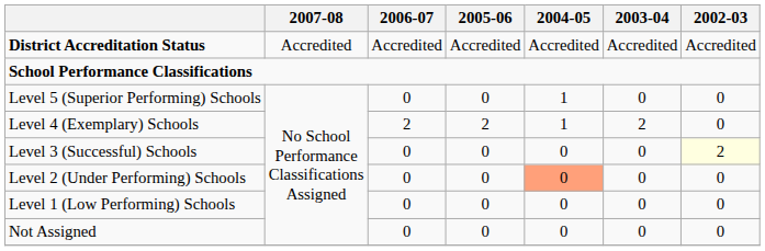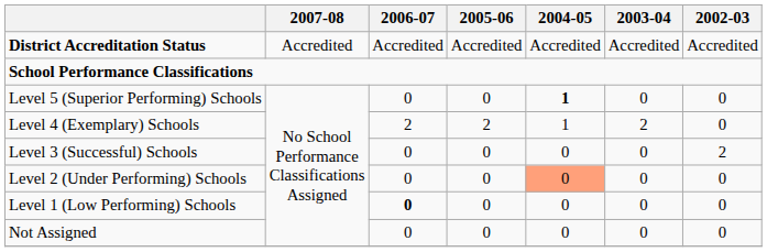 <table class="wikitable" style="font-size: 95%;">
 <tr>
 <th></th>
 <th>2007-08</th>
 <th>2006-07</th>
 <th>2005-06</th>
 <th>2004-05</th>
 <th>2003-04</th>
 <th>2002-03</th>
 </tr>
 <tr>
 <td align="left"><strong>District Accreditation Status</strong></td>
 <td align="center">Accredited</td>
 <td align="center">Accredited</td>
 <td align="center">Accredited</td>
 <td align="center">Accredited</td>
 <td align="center">Accredited</td>
 <td align="center">Accredited</td>
 </tr>
 <tr>
 <td align="left" colspan="7"><strong>School Performance Classifications</strong></td>
 </tr>
 <tr>
 <td align="left">Level 5 (Superior Performing) Schools</td>
 <td align="center" rowspan="6">No School<br> Performance<br> Classifications<br> Assigned</td>
 <td align="center">0</td>
 <td align="center">0</td>
-<td align="center">1</td>
+<td align="center"><strong>1</strong></td>
 <td align="center">0</td>
 <td align="center">0</td>
 </tr>
 <tr>
 <td align="left">Level 4 (Exemplary) Schools</td>
 <td align="center">2</td>
 <td align="center">2</td>
 <td align="center">1</td>
 <td align="center">2</td>
 <td align="center">0</td>
 </tr>
 <tr>
 <td align="left">Level 3 (Successful) Schools</td>
 <td align="center">0</td>
 <td align="center">0</td>
 <td align="center">0</td>
 <td align="center">0</td>
-<td align="center" style="background: lightyellow;">2</td>
+<td align="center">2</td>
 </tr>
 <tr>
 <td align="left">Level 2 (Under Performing) Schools</td>
 <td align="center">0</td>
 <td align="center">0</td>
 <td align="center" style="background: lightsalmon;">0</td>
 <td align="center">0</td>
 <td align="center">0</td>
 </tr>
 <tr>
 <td align="left">Level 1 (Low Performing) Schools</td>
-<td align="center">0</td>
+<td align="center"><strong>0</strong></td>
 <td align="center">0</td>
 <td align="center">0</td>
 <td align="center">0</td>
 <td align="center">0</td>
 </tr>
 <tr>
 <td align="left">Not Assigned</td>
 <td align="center">0</td>
 <td align="center">0</td>
 <td align="center">0</td>
 <td align="center">0</td>
 <td align="center">0</td>
 </tr>
 <tr>
 </tr>
 </table>
